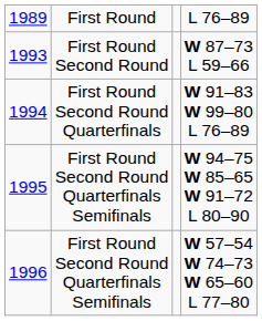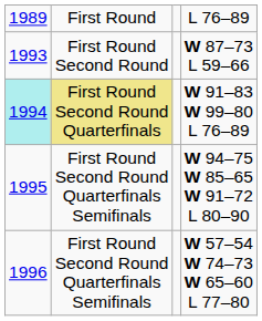 <table class="wikitable">
 <tr align="center">
 <td><a href='#'>1989</a></td>
 <td>First Round</td>
 <td></td>
 <td>L 76–89</td>
 </tr>
 <tr align="center">
 <td><a href='#'>1993</a></td>
 <td>First Round<br>Second Round</td>
 <td><br></td>
 <td><strong>W</strong> 87–73<br>L 59–66</td>
 </tr>
 <tr align="center">
-<td><a href='#'>1994</a></td>
-<td>First Round<br>Second Round<br>Quarterfinals</td>
+<td style="background: paleturquoise;"><a href='#'>1994</a></td>
+<td style="background: khaki;">First Round<br>Second Round<br>Quarterfinals</td>
 <td><br><br></td>
 <td><strong>W</strong> 91–83<br><strong>W</strong> 99–80<br>L 76–89</td>
 </tr>
 <tr align="center">
 <td><a href='#'>1995</a></td>
 <td>First Round<br>Second Round<br>Quarterfinals<br>Semifinals</td>
 <td><br><br><br></td>
 <td><strong>W</strong> 94–75<br><strong>W</strong> 85–65<br><strong>W</strong> 91–72<br>L 80–90</td>
 </tr>
 <tr align="center">
 <td><a href='#'>1996</a></td>
 <td>First Round<br>Second Round<br>Quarterfinals<br>Semifinals</td>
 <td><br><br><br></td>
 <td><strong>W</strong> 57–54<br><strong>W</strong> 74–73<br><strong>W</strong> 65–60<br>L 77–80</td>
 </tr>
 </table>
